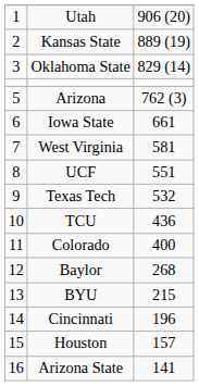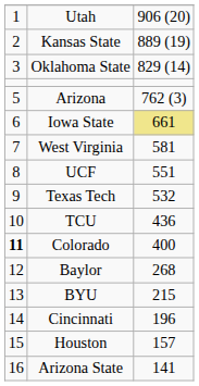 <table class="wikitable" style="display: inline-table;">
 <tr align="center">
 </tr>
 <tr align="center">
 <td>1</td>
 <td>Utah</td>
 <td>906 (20)</td>
 </tr>
 <tr align="center">
 <td>2</td>
 <td>Kansas State</td>
 <td>889 (19)</td>
 </tr>
 <tr align="center">
 <td>3</td>
 <td>Oklahoma State</td>
 <td>829 (14)</td>
 </tr>
 <tr align="center">
 <td style=><strong></strong></td>
 <td style=><strong></strong></td>
 <td style=><strong></strong></td>
 </tr>
 <tr align="center">
 <td>5</td>
 <td>Arizona</td>
 <td>762 (3)</td>
 </tr>
 <tr align="center">
 <td>6</td>
 <td>Iowa State</td>
-<td>661</td>
+<td style="background: khaki;">661</td>
 </tr>
 <tr align="center">
 <td>7</td>
 <td>West Virginia</td>
 <td>581</td>
 </tr>
 <tr align="center">
 <td>8</td>
 <td>UCF</td>
 <td>551</td>
 </tr>
 <tr align="center">
 <td>9</td>
 <td>Texas Tech</td>
 <td>532</td>
 </tr>
 <tr align="center">
 <td>10</td>
 <td>TCU</td>
 <td>436</td>
 </tr>
 <tr align="center">
-<td>11</td>
+<td><strong>11</strong></td>
 <td>Colorado</td>
 <td>400</td>
 </tr>
 <tr align="center">
 <td>12</td>
 <td>Baylor</td>
 <td>268</td>
 </tr>
 <tr align="center">
 <td>13</td>
 <td>BYU</td>
 <td>215</td>
 </tr>
 <tr align="center">
 <td>14</td>
 <td>Cincinnati</td>
 <td>196</td>
 </tr>
 <tr align="center">
 <td>15</td>
 <td>Houston</td>
 <td>157</td>
 </tr>
 <tr align="center">
 <td>16</td>
 <td>Arizona State</td>
 <td>141</td>
 </tr>
 </table>
